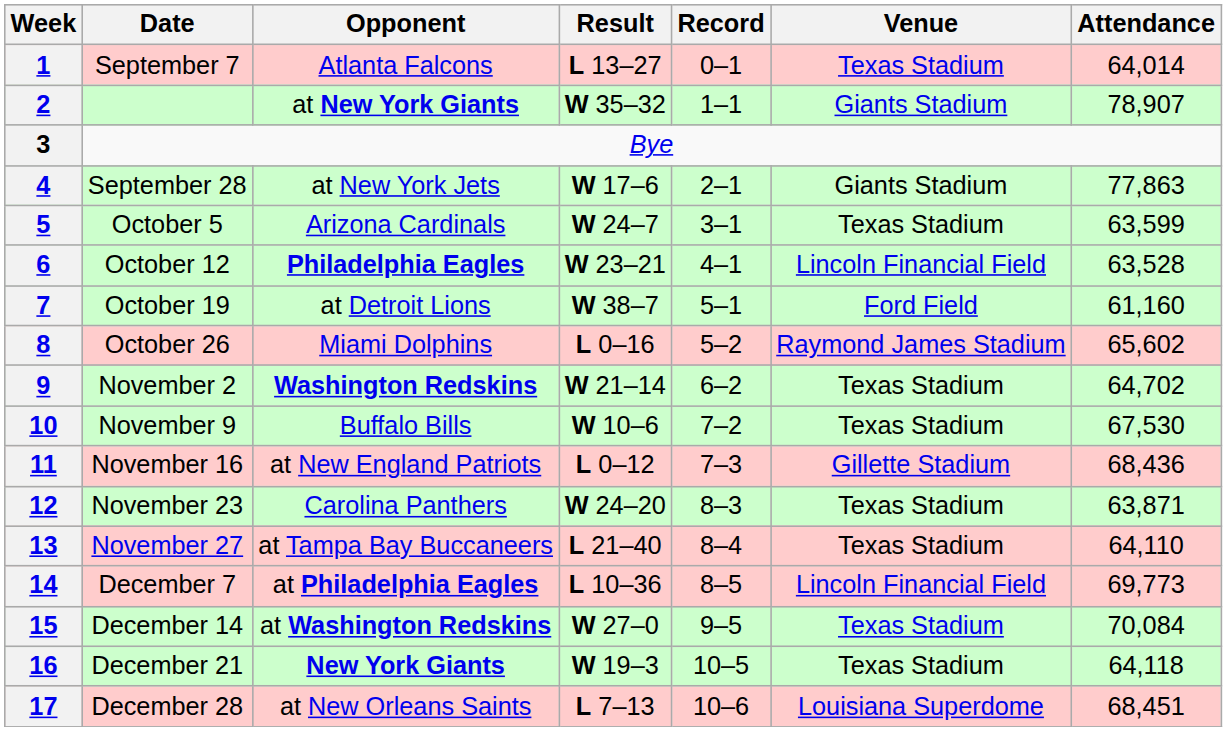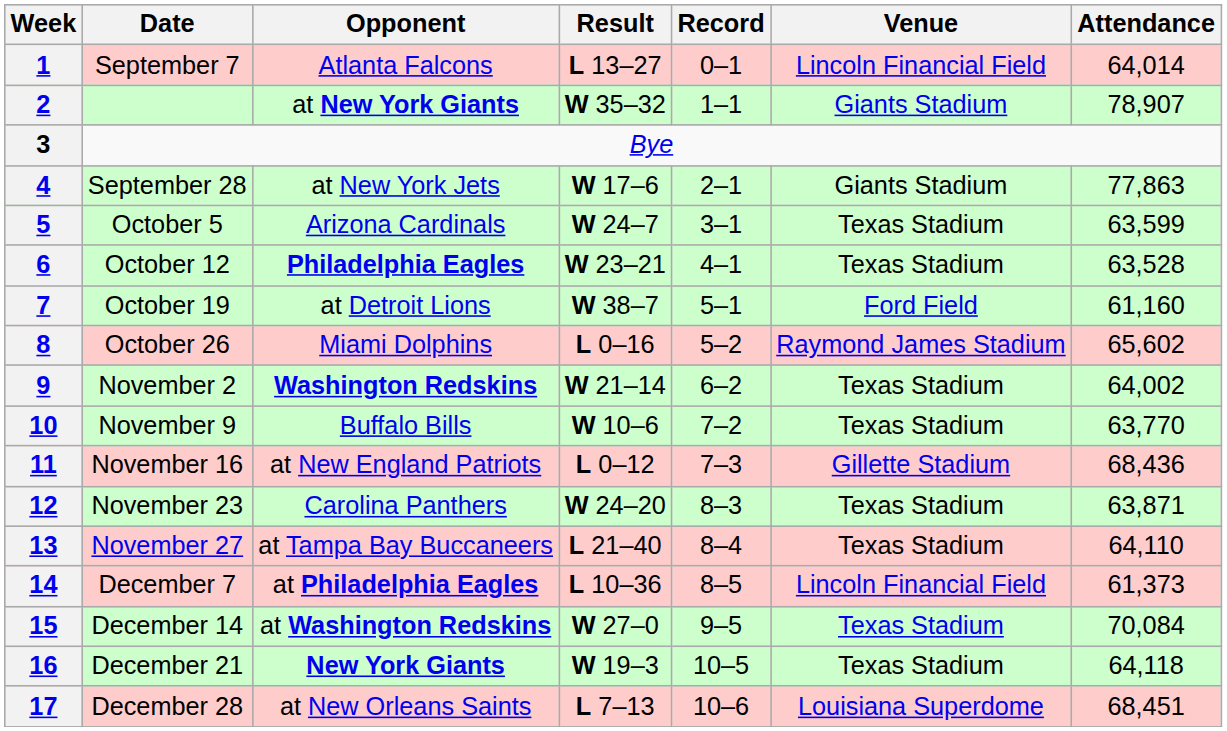 <table class="wikitable" style="text-align:center">
 <tr>
 <th>Week</th>
 <th>Date</th>
 <th>Opponent</th>
 <th>Result</th>
 <th>Record</th>
 <th>Venue</th>
 <th>Attendance</th>
 </tr>
 <tr style="background:#fcc">
 <th><a href='#'>1</a></th>
 <td>September 7</td>
 <td><a href='#'>Atlanta Falcons</a></td>
 <td><strong>L</strong> 13–27</td>
 <td>0–1</td>
-<td><a href='#'>Texas Stadium</a></td>
+<td><a href='#'>Lincoln Financial Field</a></td>
 <td>64,014</td>
 </tr>
 <tr style="background:#cfc">
 <th><a href='#'>2</a></th>
 <td></td>
 <td>at <strong><a href='#'>New York Giants</a></strong></td>
 <td><strong>W</strong> 35–32 </td>
 <td>1–1</td>
 <td><a href='#'>Giants Stadium</a></td>
 <td>78,907</td>
 </tr>
 <tr>
 <th>3</th>
 <td colspan="6" style="text-align:center;"><em><a href='#'>Bye</a></em></td>
 </tr>
 <tr style="background:#cfc">
 <th><a href='#'>4</a></th>
 <td>September 28</td>
 <td>at <a href='#'>New York Jets</a></td>
 <td><strong>W</strong> 17–6</td>
 <td>2–1</td>
 <td>Giants Stadium</td>
 <td>77,863</td>
 </tr>
 <tr style="background:#cfc">
 <th><a href='#'>5</a></th>
 <td>October 5</td>
 <td><a href='#'>Arizona Cardinals</a></td>
 <td><strong>W</strong> 24–7</td>
 <td>3–1</td>
 <td>Texas Stadium</td>
 <td>63,599</td>
 </tr>
 <tr style="background:#cfc">
 <th><a href='#'>6</a></th>
 <td>October 12</td>
 <td><strong><a href='#'>Philadelphia Eagles</a></strong></td>
 <td><strong>W</strong> 23–21</td>
 <td>4–1</td>
-<td><a href='#'>Lincoln Financial Field</a></td>
+<td>Texas Stadium</td>
 <td>63,528</td>
 </tr>
 <tr style="background:#cfc">
 <th><a href='#'>7</a></th>
 <td>October 19</td>
 <td>at <a href='#'>Detroit Lions</a></td>
 <td><strong>W</strong> 38–7</td>
 <td>5–1</td>
 <td><a href='#'>Ford Field</a></td>
 <td>61,160</td>
 </tr>
 <tr style="background:#fcc">
 <th><a href='#'>8</a></th>
 <td>October 26</td>
 <td><a href='#'>Miami Dolphins</a></td>
 <td><strong>L</strong> 0–16</td>
 <td>5–2</td>
 <td><a href='#'>Raymond James Stadium</a></td>
 <td>65,602</td>
 </tr>
 <tr style="background:#cfc">
 <th><a href='#'>9</a></th>
 <td>November 2</td>
 <td><strong><a href='#'>Washington Redskins</a></strong></td>
 <td><strong>W</strong> 21–14</td>
 <td>6–2</td>
 <td>Texas Stadium</td>
-<td>64,702</td>
+<td>64,002</td>
 </tr>
 <tr style="background:#cfc">
 <th><a href='#'>10</a></th>
 <td>November 9</td>
 <td><a href='#'>Buffalo Bills</a></td>
 <td><strong>W</strong> 10–6</td>
 <td>7–2</td>
 <td>Texas Stadium</td>
-<td>67,530</td>
+<td>63,770</td>
 </tr>
 <tr style="background:#fcc">
 <th><a href='#'>11</a></th>
 <td>November 16</td>
 <td>at <a href='#'>New England Patriots</a></td>
 <td><strong>L</strong> 0–12</td>
 <td>7–3</td>
 <td><a href='#'>Gillette Stadium</a></td>
 <td>68,436</td>
 </tr>
 <tr style="background:#cfc">
 <th><a href='#'>12</a></th>
 <td>November 23</td>
 <td><a href='#'>Carolina Panthers</a></td>
 <td><strong>W</strong> 24–20</td>
 <td>8–3</td>
 <td>Texas Stadium</td>
 <td>63,871</td>
 </tr>
 <tr style="background:#fcc">
 <th><a href='#'>13</a></th>
 <td><a href='#'>November 27</a></td>
 <td>at <a href='#'>Tampa Bay Buccaneers</a></td>
 <td><strong>L</strong> 21–40</td>
 <td>8–4</td>
 <td>Texas Stadium</td>
 <td>64,110</td>
 </tr>
 <tr style="background:#fcc">
 <th><a href='#'>14</a></th>
 <td>December 7</td>
 <td>at <strong><a href='#'>Philadelphia Eagles</a></strong></td>
 <td><strong>L</strong> 10–36</td>
 <td>8–5</td>
 <td><a href='#'>Lincoln Financial Field</a></td>
-<td>69,773</td>
+<td>61,373</td>
 </tr>
 <tr style="background:#cfc">
 <th><a href='#'>15</a></th>
 <td>December 14</td>
 <td>at <strong><a href='#'>Washington Redskins</a></strong></td>
 <td><strong>W</strong> 27–0</td>
 <td>9–5</td>
 <td><a href='#'>Texas Stadium</a></td>
 <td>70,084</td>
 </tr>
 <tr style="background:#cfc">
 <th><a href='#'>16</a></th>
 <td>December 21</td>
 <td><strong><a href='#'>New York Giants</a></strong></td>
 <td><strong>W</strong> 19–3</td>
 <td>10–5</td>
 <td>Texas Stadium</td>
 <td>64,118</td>
 </tr>
 <tr style="background:#fcc">
 <th><a href='#'>17</a></th>
 <td>December 28</td>
 <td>at <a href='#'>New Orleans Saints</a></td>
 <td><strong>L</strong> 7–13</td>
 <td>10–6</td>
 <td><a href='#'>Louisiana Superdome</a></td>
 <td>68,451</td>
 </tr>
 </table>
